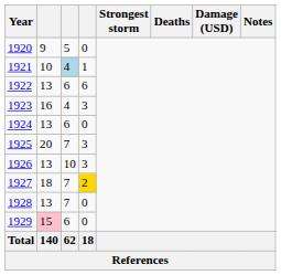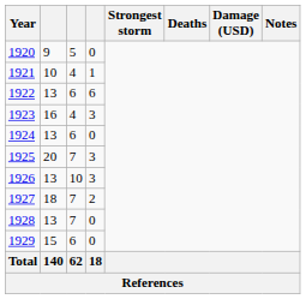 <table class="wikitable sortable">
 <tr>
 <th>Year</th>
 <th></th>
 <th></th>
 <th></th>
 <th>Strongest<br>storm</th>
 <th>Deaths</th>
 <th>Damage<br>(USD)</th>
 <th>Notes</th>
 </tr>
 <tr>
 <td><a href='#'>1920</a></td>
 <td>9</td>
 <td>5</td>
 <td>0</td>
 </tr>
 <tr>
 <td><a href='#'>1921</a></td>
 <td>10</td>
-<td style="background: lightblue;">4</td>
+<td>4</td>
 <td>1</td>
 </tr>
 <tr>
 <td><a href='#'>1922</a></td>
 <td>13</td>
 <td>6</td>
 <td>6</td>
 </tr>
 <tr>
 <td><a href='#'>1923</a></td>
 <td>16</td>
 <td>4</td>
 <td>3</td>
 </tr>
 <tr>
 <td><a href='#'>1924</a></td>
 <td>13</td>
 <td>6</td>
 <td>0</td>
 </tr>
 <tr>
 <td><a href='#'>1925</a></td>
 <td>20</td>
 <td>7</td>
 <td>3</td>
 </tr>
 <tr>
 <td><a href='#'>1926</a></td>
 <td>13</td>
 <td>10</td>
 <td>3</td>
 </tr>
 <tr>
 <td><a href='#'>1927</a></td>
 <td>18</td>
 <td>7</td>
-<td style="background: gold;">2</td>
+<td>2</td>
 </tr>
 <tr>
 <td><a href='#'>1928</a></td>
 <td>13</td>
 <td>7</td>
 <td>0</td>
 </tr>
 <tr>
 <td><a href='#'>1929</a></td>
-<td style="background: pink;">15</td>
+<td>15</td>
 <td>6</td>
 <td>0</td>
 </tr>
 <tr>
 <th>Total</th>
 <th>140</th>
 <th>62</th>
 <th>18</th>
 <th colspan="4"></th>
 </tr>
 <tr class="unsortable">
 <th colspan="8">References</th>
 </tr>
 </table>
